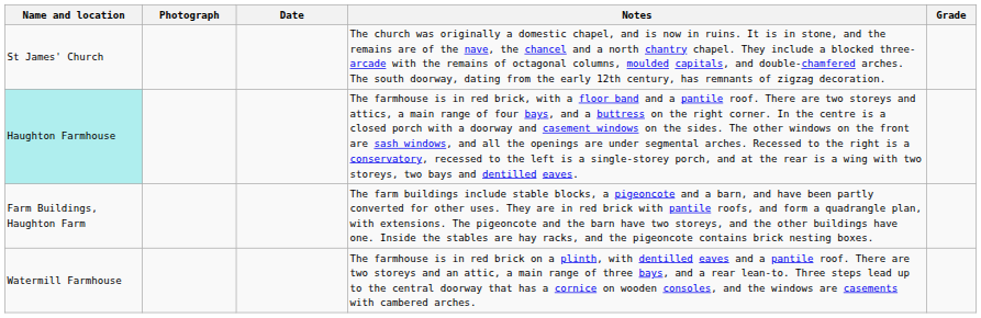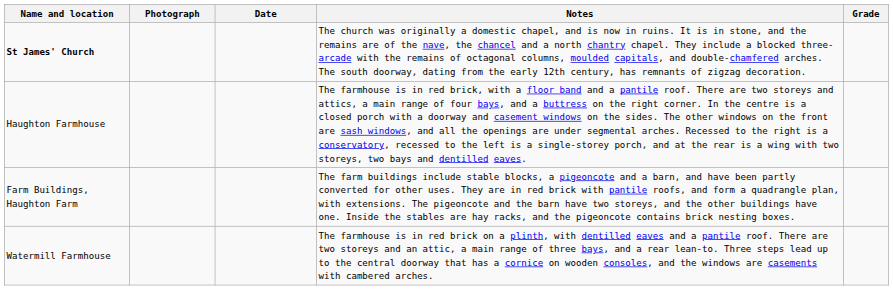 <table class="wikitable sortable plainrowheaders" style="width:100%; border:0px; text-align:left; line-height:150%">
 <tr>
 <th scope="col"  style="width:150px">Name and location</th>
 <th scope="col"  style="width:100px" class="unsortable">Photograph</th>
 <th scope="col"  style="width:120px">Date</th>
 <th scope="col"  style="width:650px" class="unsortable">Notes</th>
 <th scope="col"  style="width:50px">Grade</th>
 </tr>
 <tr>
-<td>St James' Church<br><small></small></td>
+<td><strong>St James' Church<br><small></small></strong></td>
 <td></td>
 <td align="center"></td>
 <td>The church was originally a domestic chapel, and is now in ruins.  It is in stone, and the remains are of the <a href='#'>nave</a>, the <a href='#'>chancel</a> and a north <a href='#'>chantry</a> chapel.  They include a blocked three-<a href='#'>arcade</a> with the remains of octagonal columns, <a href='#'>moulded</a> <a href='#'>capitals</a>, and double-<a href='#'>chamfered</a> arches. The south doorway, dating from the early 12th century, has remnants of zigzag decoration.</td>
 <td align="center" ></td>
 </tr>
 <tr>
-<td style="background: paleturquoise;">Haughton Farmhouse<br><small></small></td>
+<td>Haughton Farmhouse<br><small></small></td>
 <td></td>
 <td align="center"></td>
 <td>The farmhouse is in red brick, with a <a href='#'>floor band</a> and a <a href='#'>pantile</a> roof.  There are two storeys and attics, a main range of four <a href='#'>bays</a>, and a <a href='#'>buttress</a> on the right corner.  In the centre is a closed porch with a doorway and <a href='#'>casement windows</a> on the sides.  The other windows on the front are <a href='#'>sash windows</a>, and all the openings are under segmental arches.  Recessed to the right is a <a href='#'>conservatory</a>, recessed to the left is a single-storey porch, and at the rear is a wing with two storeys, two bays and <a href='#'>dentilled</a> <a href='#'>eaves</a>.</td>
 <td align="center" ></td>
 </tr>
 <tr>
 <td>Farm Buildings, Haughton Farm<br><small></small></td>
 <td></td>
 <td align="center"></td>
 <td>The farm buildings include stable blocks, a <a href='#'>pigeoncote</a> and a barn, and have been partly converted for other uses.  They are in red brick with <a href='#'>pantile</a> roofs, and form a quadrangle plan, with extensions.  The pigeoncote and the barn have two storeys, and the other buildings have one. Inside the stables are hay racks, and the pigeoncote contains brick nesting boxes.</td>
 <td align="center" ></td>
 </tr>
 <tr>
 <td>Watermill Farmhouse<br><small></small></td>
 <td></td>
 <td align="center"></td>
 <td>The farmhouse is in red brick on a <a href='#'>plinth</a>, with <a href='#'>dentilled</a> <a href='#'>eaves</a> and a <a href='#'>pantile</a> roof.  There are two storeys and an attic, a main range of three <a href='#'>bays</a>, and a rear lean-to.  Three steps lead up to the central doorway that has a <a href='#'>cornice</a> on wooden <a href='#'>consoles</a>, and the windows are <a href='#'>casements</a> with cambered arches.</td>
 <td align="center" ></td>
 </tr>
 <tr>
 </tr>
 </table>
